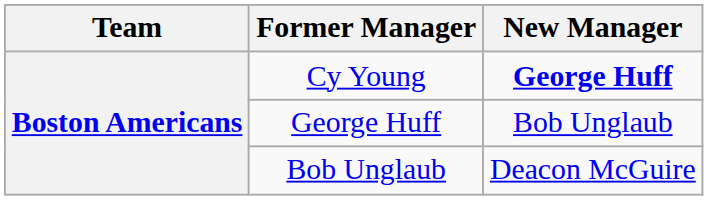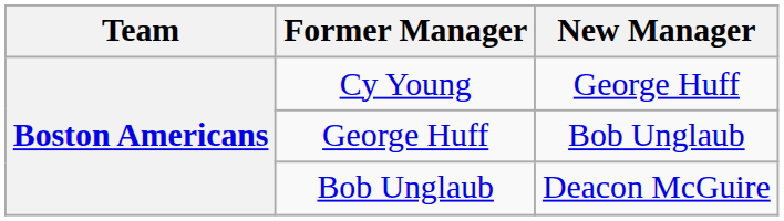 <table class="wikitable plainrowheaders" style="text-align:center;">
 <tr>
 <th>Team</th>
 <th>Former Manager</th>
 <th>New Manager</th>
 </tr>
 <tr>
 <th rowspan="3" scope="row" style="text-align:center;"><a href='#'>Boston Americans</a></th>
 <td><a href='#'>Cy Young</a></td>
-<td><strong><a href='#'>George Huff</a></strong></td>
+<td><a href='#'>George Huff</a></td>
 </tr>
 <tr>
 <td><a href='#'>George Huff</a></td>
 <td><a href='#'>Bob Unglaub</a></td>
 </tr>
 <tr>
 <td><a href='#'>Bob Unglaub</a></td>
 <td><a href='#'>Deacon McGuire</a></td>
 </tr>
 </table>
